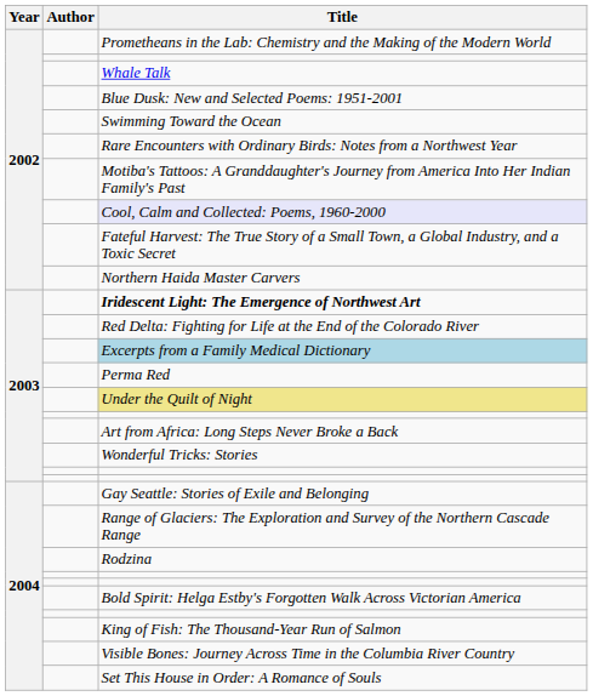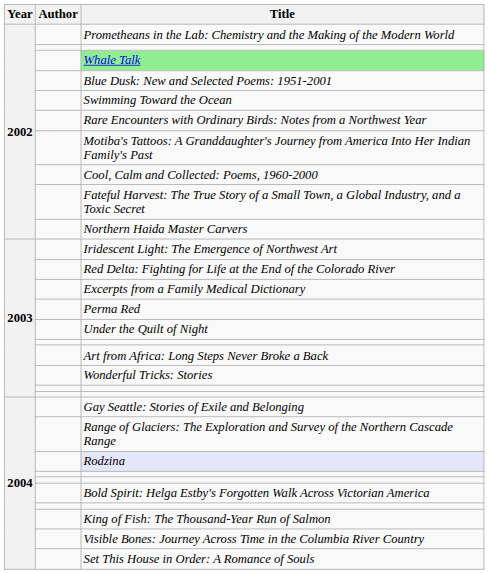 <table class="wikitable sortable mw-collapsible">
 <tr>
 <th>Year</th>
 <th>Author</th>
 <th>Title</th>
 </tr>
 <tr>
 <th rowspan="10">2002</th>
 <td></td>
 <td><em>Prometheans in the Lab: Chemistry and the Making of the Modern World</em></td>
 </tr>
 <tr>
 <td></td>
 <td><em></em></td>
 </tr>
 <tr>
 <td></td>
-<td><em><a href='#'>Whale Talk</a></em></td>
+<td style="background: lightgreen;"><em><a href='#'>Whale Talk</a></em></td>
 </tr>
 <tr>
 <td></td>
 <td><em>Blue Dusk: New and Selected Poems: 1951-2001</em></td>
 </tr>
 <tr>
 <td></td>
 <td><em>Swimming Toward the Ocean</em></td>
 </tr>
 <tr>
 <td></td>
 <td><em>Rare Encounters with Ordinary Birds: Notes from a Northwest Year</em></td>
 </tr>
 <tr>
 <td></td>
 <td><em>Motiba's Tattoos: A Granddaughter's Journey from America Into Her Indian Family's Past</em></td>
 </tr>
 <tr>
 <td></td>
-<td style="background: lavender;"><em>Cool, Calm and Collected: Poems, 1960-2000</em></td>
+<td><em>Cool, Calm and Collected: Poems, 1960-2000</em></td>
 </tr>
 <tr>
 <td></td>
 <td><em>Fateful Harvest: The True Story of a Small Town, a Global Industry, and a Toxic Secret</em></td>
 </tr>
 <tr>
 <td></td>
 <td><em>Northern Haida Master Carvers</em></td>
 </tr>
 <tr>
 <th rowspan="10">2003</th>
 <td></td>
-<td><strong><em>Iridescent Light: The Emergence of Northwest Art</em></strong></td>
+<td><em>Iridescent Light: The Emergence of Northwest Art</em></td>
 </tr>
 <tr>
 <td></td>
 <td><em>Red Delta: Fighting for Life at the End of the Colorado River</em></td>
 </tr>
 <tr>
 <td></td>
-<td style="background: lightblue;"><em>Excerpts from a Family Medical Dictionary</em></td>
+<td><em>Excerpts from a Family Medical Dictionary</em></td>
 </tr>
 <tr>
 <td></td>
 <td><em>Perma Red</em></td>
 </tr>
 <tr>
 <td></td>
-<td style="background: khaki;"><em>Under the Quilt of Night</em></td>
+<td><em>Under the Quilt of Night</em></td>
 </tr>
 <tr>
 <td></td>
 <td><em></em></td>
 </tr>
 <tr>
 <td></td>
 <td><em>Art from Africa: Long Steps Never Broke a Back</em></td>
 </tr>
 <tr>
 <td></td>
 <td><em>Wonderful Tricks: Stories</em></td>
 </tr>
 <tr>
 <td></td>
 <td><em></em></td>
 </tr>
 <tr>
 <td></td>
 <td><em></em></td>
 </tr>
 <tr>
 <th rowspan="10">2004</th>
 <td></td>
 <td><em>Gay Seattle: Stories of Exile and Belonging</em></td>
 </tr>
 <tr>
 <td></td>
 <td><em>Range of Glaciers: The Exploration and Survey of the Northern Cascade Range</em></td>
 </tr>
 <tr>
 <td></td>
-<td><em>Rodzina</em></td>
+<td style="background: lavender;"><em>Rodzina</em></td>
 </tr>
 <tr>
 <td></td>
 <td><em></em></td>
 </tr>
 <tr>
 <td></td>
 <td><em></em></td>
 </tr>
 <tr>
 <td></td>
 <td><em>Bold Spirit: Helga Estby's Forgotten Walk Across Victorian America</em></td>
 </tr>
 <tr>
 <td></td>
 <td><em></em></td>
 </tr>
 <tr>
 <td></td>
 <td><em>King of Fish: The Thousand-Year Run of Salmon</em></td>
 </tr>
 <tr>
 <td></td>
 <td><em>Visible Bones: Journey Across Time in the Columbia River Country</em></td>
 </tr>
 <tr>
 <td></td>
 <td><em>Set This House in Order: A Romance of Souls</em></td>
 </tr>
 </table>
